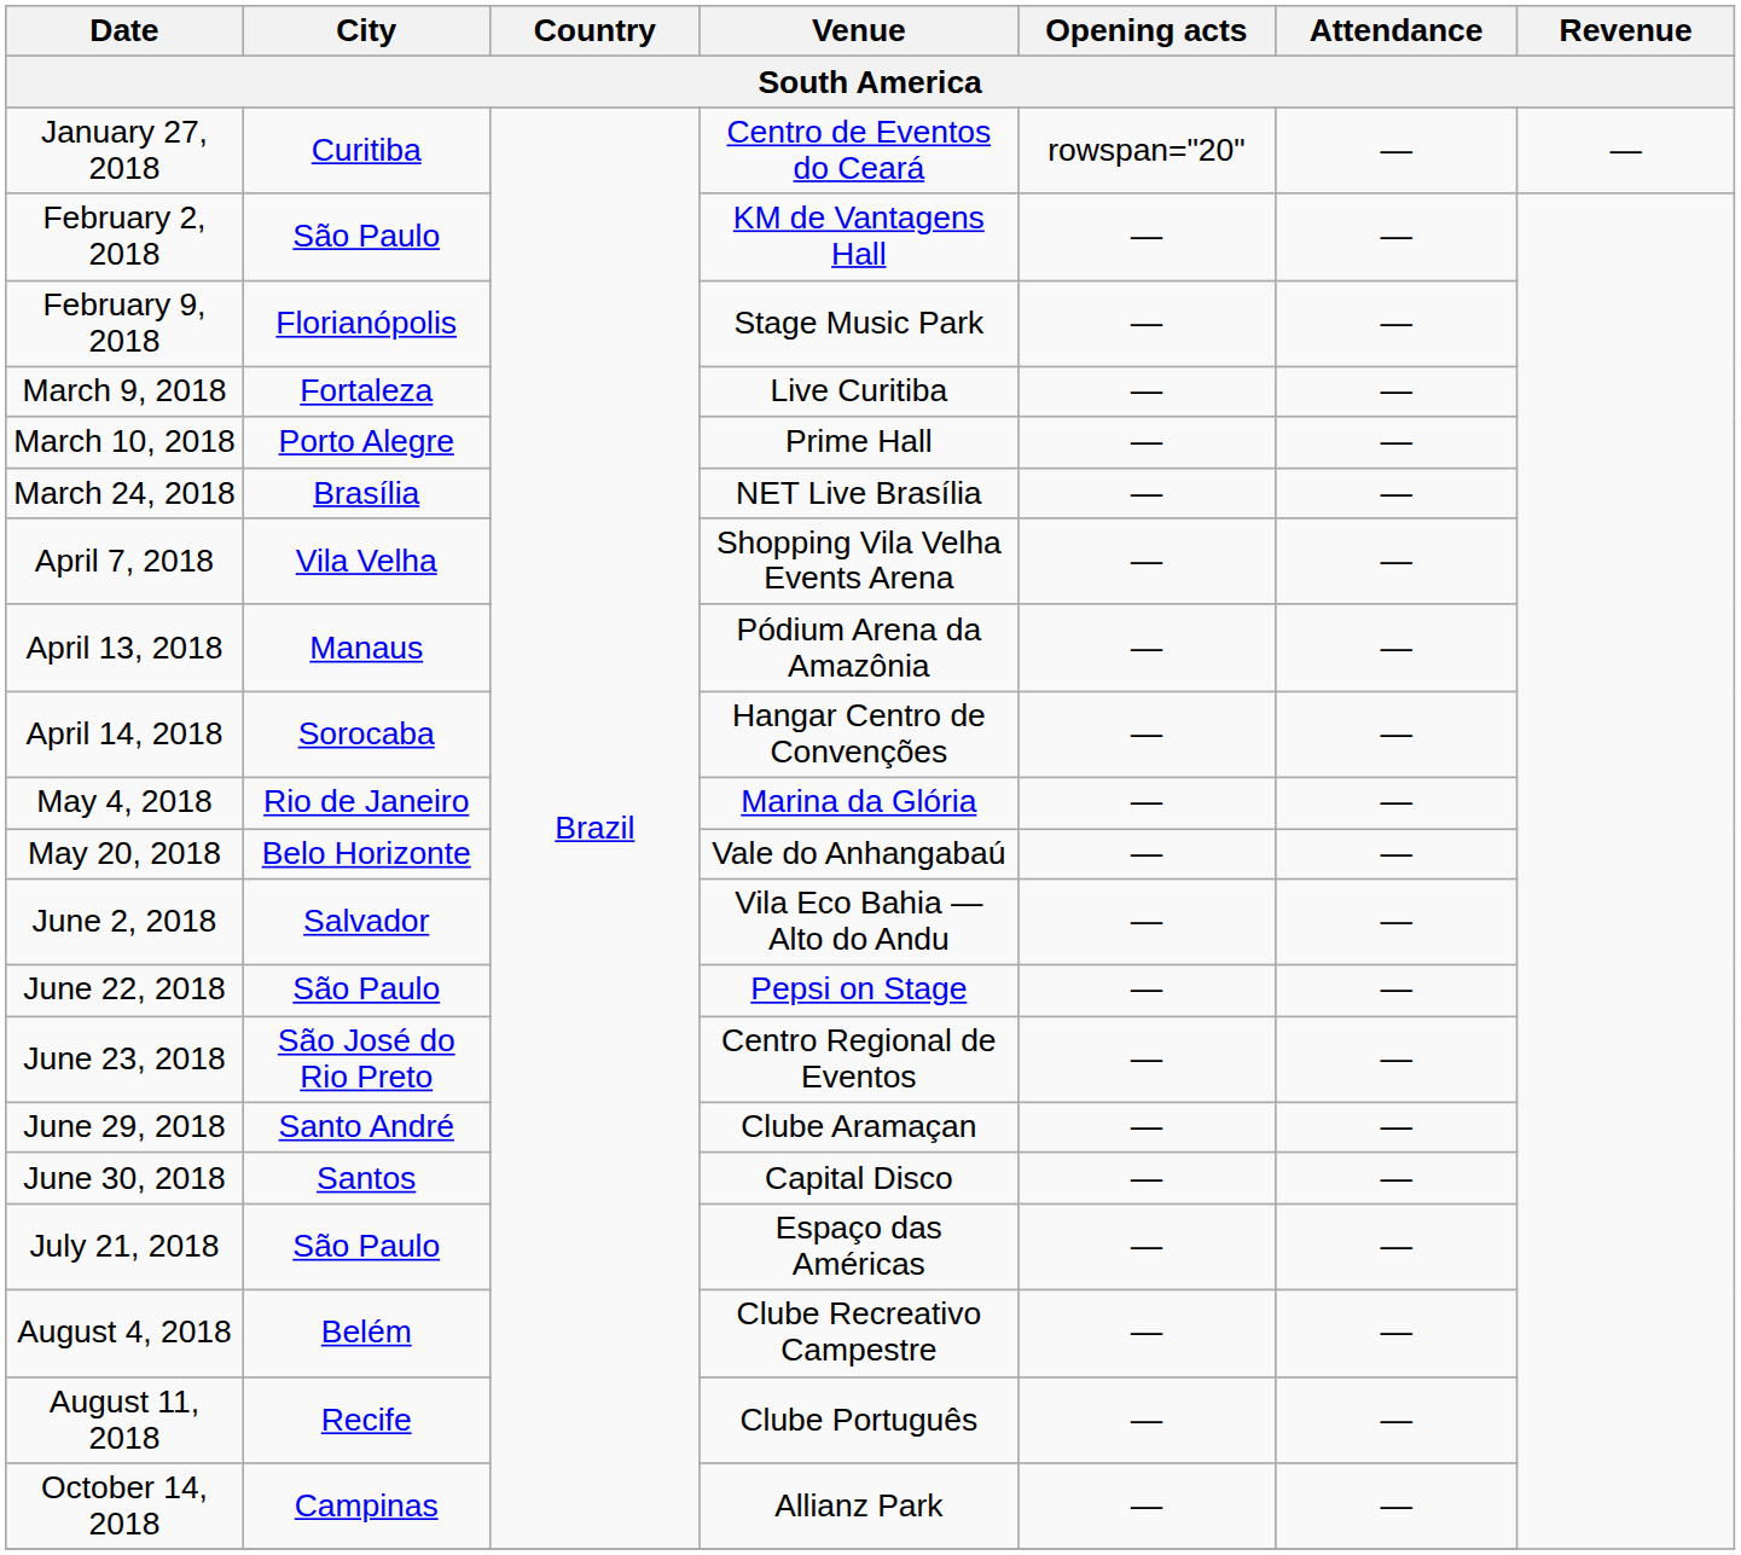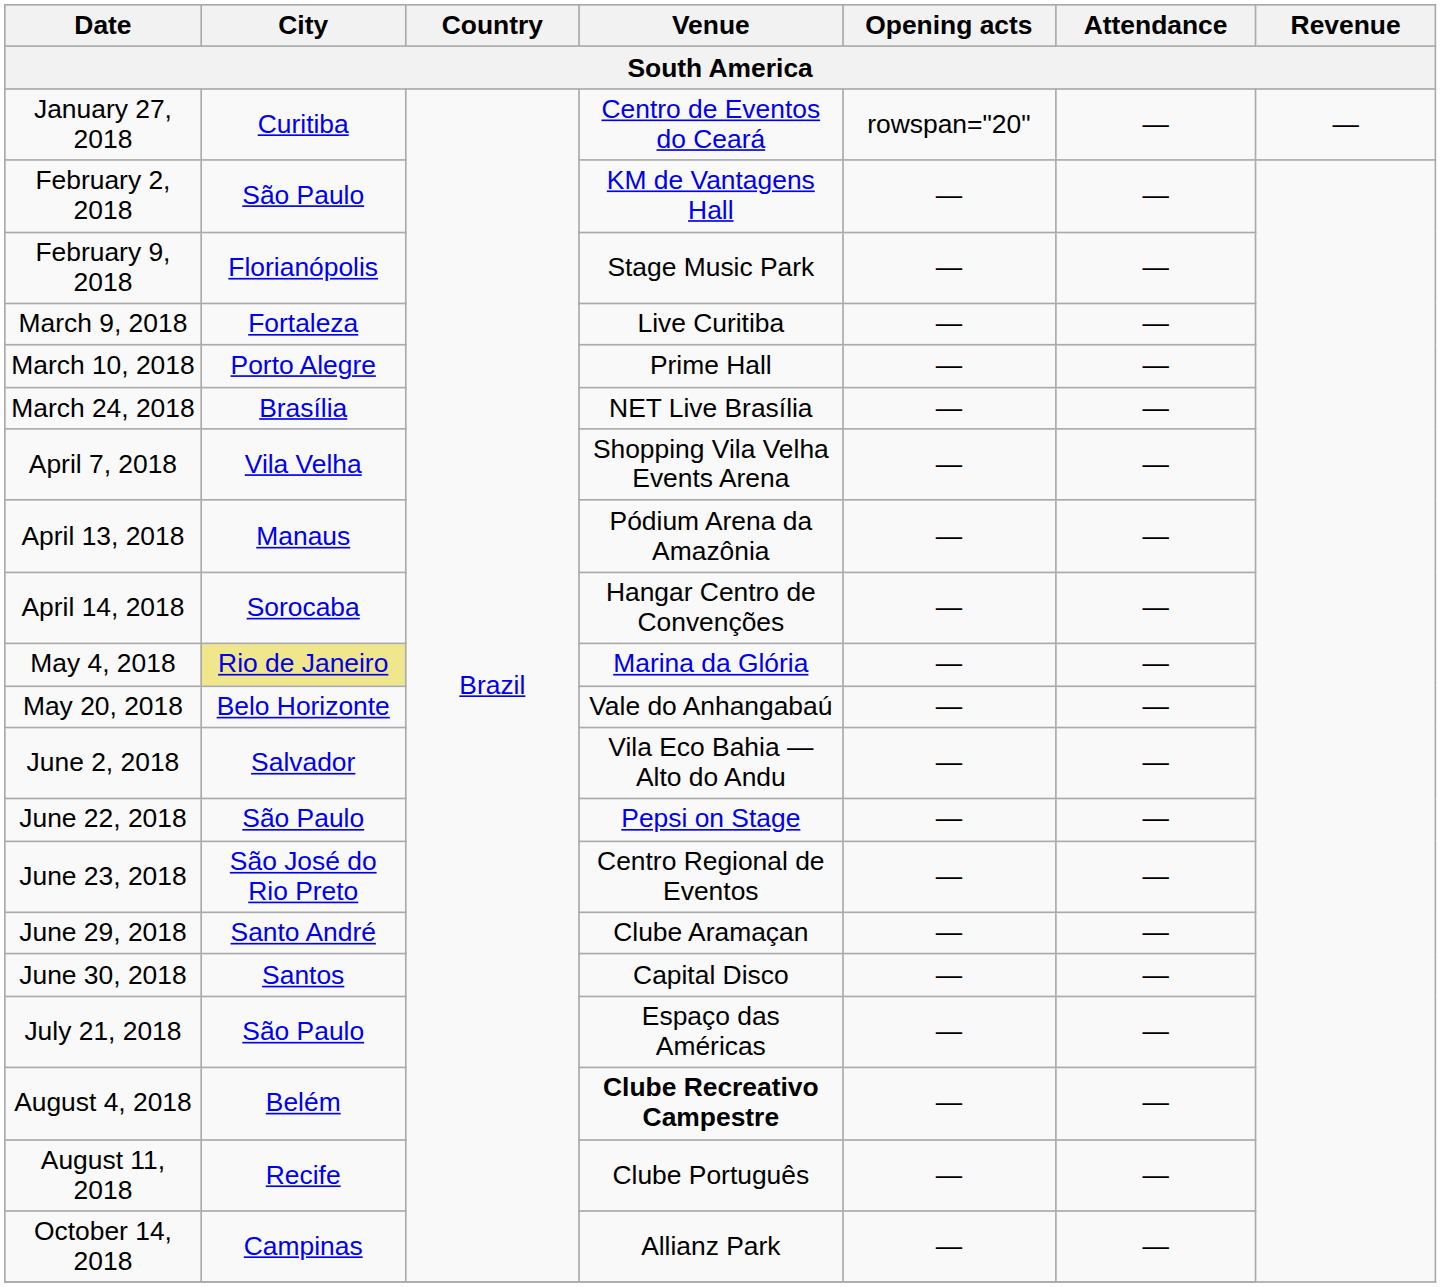 <table class="wikitable" style="text-align:center;">
 <tr>
 <th scope="col" style="width:12em;">Date</th>
 <th scope="col" style="width:10em;">City</th>
 <th scope="col" style="width:10em;">Country</th>
 <th scope="col" style="width:16em;">Venue</th>
 <th scope="col" style="width:10em;">Opening acts</th>
 <th scope="col" style="width:10em;">Attendance</th>
 <th scope="col" style="width:10em;">Revenue</th>
 </tr>
 <tr>
 <th colspan="7" style="text-align:center;"><strong>South America</strong></th>
 </tr>
 <tr>
 <td>January 27, 2018</td>
 <td><a href='#'>Curitiba</a></td>
 <td rowspan="20"><a href='#'>Brazil</a></td>
 <td><a href='#'>Centro de Eventos do Ceará</a></td>
 <td>rowspan="20" </td>
 <td>—</td>
 <td>—</td>
 </tr>
 <tr>
 <td>February 2, 2018</td>
 <td><a href='#'>São Paulo</a></td>
 <td><a href='#'>KM de Vantagens Hall</a></td>
 <td>—</td>
 <td>—</td>
 </tr>
 <tr>
 <td>February 9, 2018</td>
 <td><a href='#'>Florianópolis</a></td>
 <td>Stage Music Park</td>
 <td>—</td>
 <td>—</td>
 </tr>
 <tr>
 <td>March 9, 2018</td>
 <td><a href='#'>Fortaleza</a></td>
 <td>Live Curitiba</td>
 <td>—</td>
 <td>—</td>
 </tr>
 <tr>
 <td>March 10, 2018</td>
 <td><a href='#'>Porto Alegre</a></td>
 <td>Prime Hall</td>
 <td>—</td>
 <td>—</td>
 </tr>
 <tr>
 <td>March 24, 2018</td>
 <td><a href='#'>Brasília</a></td>
 <td>NET Live Brasília</td>
 <td>—</td>
 <td>—</td>
 </tr>
 <tr>
 <td>April 7, 2018</td>
 <td><a href='#'>Vila Velha</a></td>
 <td>Shopping Vila Velha Events Arena</td>
 <td>—</td>
 <td>—</td>
 </tr>
 <tr>
 <td>April 13, 2018</td>
 <td><a href='#'>Manaus</a></td>
 <td>Pódium Arena da Amazônia</td>
 <td>—</td>
 <td>—</td>
 </tr>
 <tr>
 <td>April 14, 2018</td>
 <td><a href='#'>Sorocaba</a></td>
 <td>Hangar Centro de Convenções</td>
 <td>—</td>
 <td>—</td>
 </tr>
 <tr>
 <td>May 4, 2018</td>
-<td><a href='#'>Rio de Janeiro</a></td>
+<td style="background: khaki;"><a href='#'>Rio de Janeiro</a></td>
 <td><a href='#'>Marina da Glória</a></td>
 <td>—</td>
 <td>—</td>
 </tr>
 <tr>
 <td>May 20, 2018</td>
 <td><a href='#'>Belo Horizonte</a></td>
 <td>Vale do Anhangabaú</td>
 <td>—</td>
 <td>—</td>
 </tr>
 <tr>
 <td>June 2, 2018</td>
 <td><a href='#'>Salvador</a></td>
 <td>Vila Eco Bahia — Alto do Andu</td>
 <td>—</td>
 <td>—</td>
 </tr>
 <tr>
 <td>June 22, 2018</td>
 <td><a href='#'>São Paulo</a></td>
 <td><a href='#'>Pepsi on Stage</a></td>
 <td>—</td>
 <td>—</td>
 </tr>
 <tr>
 <td>June 23, 2018</td>
 <td><a href='#'>São José do Rio Preto</a></td>
 <td>Centro Regional de Eventos</td>
 <td>—</td>
 <td>—</td>
 </tr>
 <tr>
 <td>June 29, 2018</td>
 <td><a href='#'>Santo André</a></td>
 <td>Clube Aramaçan</td>
 <td>—</td>
 <td>—</td>
 </tr>
 <tr>
 <td>June 30, 2018</td>
 <td><a href='#'>Santos</a></td>
 <td>Capital Disco</td>
 <td>—</td>
 <td>—</td>
 </tr>
 <tr>
 <td>July 21, 2018</td>
 <td><a href='#'>São Paulo</a></td>
 <td>Espaço das Américas</td>
 <td>—</td>
 <td>—</td>
 </tr>
 <tr>
 <td>August 4, 2018</td>
 <td><a href='#'>Belém</a></td>
-<td>Clube Recreativo Campestre</td>
+<td><strong>Clube Recreativo Campestre</strong></td>
 <td>—</td>
 <td>—</td>
 </tr>
 <tr>
 <td>August 11, 2018</td>
 <td><a href='#'>Recife</a></td>
 <td>Clube Português</td>
 <td>—</td>
 <td>—</td>
 </tr>
 <tr>
 <td>October 14, 2018</td>
 <td><a href='#'>Campinas</a></td>
 <td>Allianz Park</td>
 <td>—</td>
 <td>—</td>
 </tr>
 <tr>
 </tr>
 </table>
